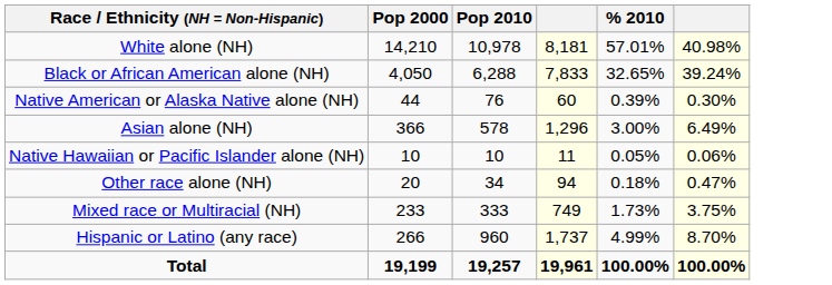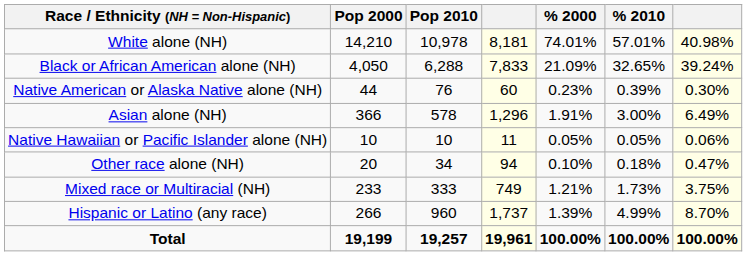 <table class="wikitable" style="text-align:center;">
 <tr>
 <th>Race / Ethnicity <small>(<em>NH = Non-Hispanic</em>)</small></th>
 <th>Pop 2000</th>
 <th>Pop 2010</th>
 <th></th>
+<th>% 2000</th>
 <th>% 2010</th>
 <th></th>
 </tr>
 <tr>
 <td><a href='#'>White</a> alone (NH)</td>
 <td>14,210</td>
 <td>10,978</td>
 <td style='background: #ffffe6;'>8,181</td>
+<td>74.01%</td>
 <td>57.01%</td>
 <td style='background: #ffffe6;'>40.98%</td>
 </tr>
 <tr>
 <td><a href='#'>Black or African American</a> alone (NH)</td>
 <td>4,050</td>
 <td>6,288</td>
 <td style='background: #ffffe6;'>7,833</td>
+<td>21.09%</td>
 <td>32.65%</td>
 <td style='background: #ffffe6;'>39.24%</td>
 </tr>
 <tr>
 <td><a href='#'>Native American</a> or <a href='#'>Alaska Native</a> alone (NH)</td>
 <td>44</td>
 <td>76</td>
 <td style='background: #ffffe6;'>60</td>
+<td>0.23%</td>
 <td>0.39%</td>
 <td style='background: #ffffe6;'>0.30%</td>
 </tr>
 <tr>
 <td><a href='#'>Asian</a> alone (NH)</td>
 <td>366</td>
 <td>578</td>
 <td style='background: #ffffe6;'>1,296</td>
+<td>1.91%</td>
 <td>3.00%</td>
 <td style='background: #ffffe6;'>6.49%</td>
 </tr>
 <tr>
 <td><a href='#'>Native Hawaiian</a> or <a href='#'>Pacific Islander</a> alone (NH)</td>
 <td>10</td>
 <td>10</td>
 <td style='background: #ffffe6;'>11</td>
 <td>0.05%</td>
+<td>0.05%</td>
 <td style='background: #ffffe6;'>0.06%</td>
 </tr>
 <tr>
 <td><a href='#'>Other race</a> alone (NH)</td>
 <td>20</td>
 <td>34</td>
 <td style='background: #ffffe6;'>94</td>
+<td>0.10%</td>
 <td>0.18%</td>
 <td style='background: #ffffe6;'>0.47%</td>
 </tr>
 <tr>
 <td><a href='#'>Mixed race or Multiracial</a> (NH)</td>
 <td>233</td>
 <td>333</td>
 <td style='background: #ffffe6;'>749</td>
+<td>1.21%</td>
 <td>1.73%</td>
 <td style='background: #ffffe6;'>3.75%</td>
 </tr>
 <tr>
 <td><a href='#'>Hispanic or Latino</a> (any race)</td>
 <td>266</td>
 <td>960</td>
 <td style='background: #ffffe6;'>1,737</td>
+<td>1.39%</td>
 <td>4.99%</td>
 <td style='background: #ffffe6;'>8.70%</td>
 </tr>
 <tr>
 <td><strong>Total</strong></td>
 <td><strong>19,199</strong></td>
 <td><strong>19,257</strong></td>
 <td style='background: #ffffe6;'><strong>19,961</strong></td>
 <td><strong>100.00%</strong></td>
+<td><strong>100.00%</strong></td>
 <td style='background: #ffffe6;'><strong>100.00%</strong></td>
 </tr>
 </table>
